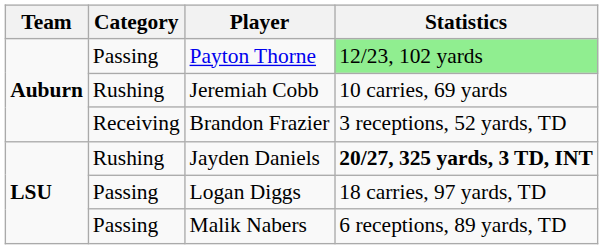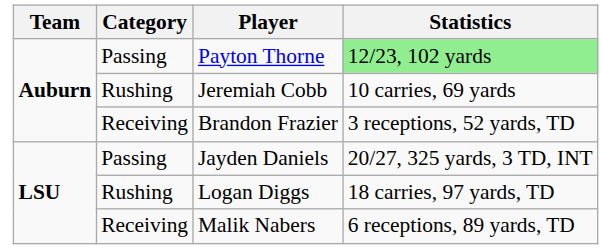 <table class="wikitable" style="float: right;">
 <tr>
 <th>Team</th>
 <th>Category</th>
 <th>Player</th>
 <th>Statistics</th>
 </tr>
 <tr>
 <td rowspan=3><strong>Auburn</strong></td>
 <td>Passing</td>
 <td><a href='#'>Payton Thorne</a></td>
 <td style="background: lightgreen;">12/23, 102 yards</td>
 </tr>
 <tr>
 <td>Rushing</td>
 <td>Jeremiah Cobb</td>
 <td>10 carries, 69 yards</td>
 </tr>
 <tr>
 <td>Receiving</td>
 <td>Brandon Frazier</td>
 <td>3 receptions, 52 yards, TD</td>
 </tr>
 <tr>
 <td rowspan=3><strong>LSU</strong></td>
-<td>Rushing</td>
+<td>Passing</td>
 <td>Jayden Daniels</td>
-<td><strong>20/27, 325 yards, 3 TD, INT</strong></td>
+<td>20/27, 325 yards, 3 TD, INT</td>
 </tr>
 <tr>
-<td>Passing</td>
+<td>Rushing</td>
 <td>Logan Diggs</td>
 <td>18 carries, 97 yards, TD</td>
 </tr>
 <tr>
-<td>Passing</td>
+<td>Receiving</td>
 <td>Malik Nabers</td>
 <td>6 receptions, 89 yards, TD</td>
 </tr>
 </table>
